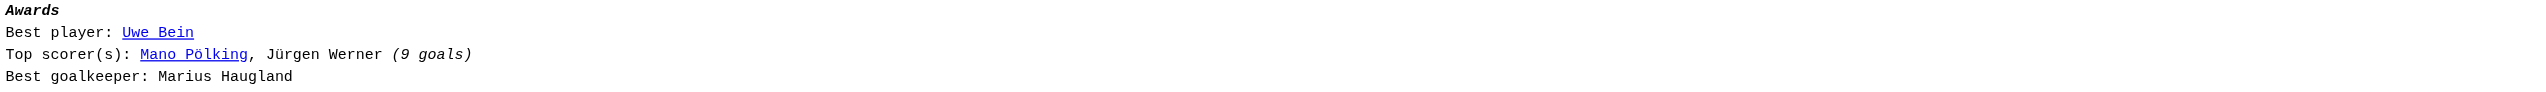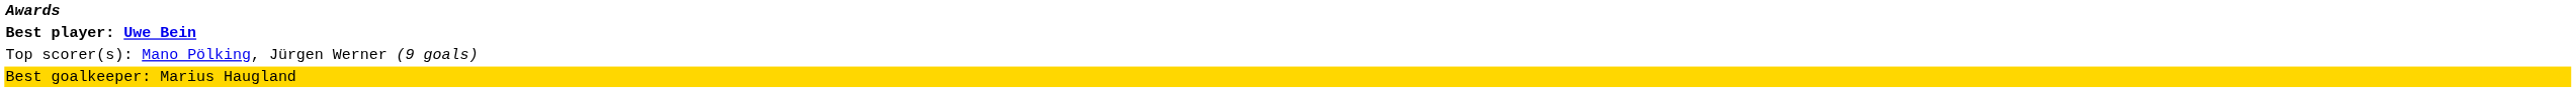 <table width=100% cellspacing=1 style="font-size: 90%;">
 <tr>
 <td><strong><em>Awards</em></strong></td>
 </tr>
 <tr>
-<td>Best player:  <a href='#'>Uwe Bein</a></td>
+<td><strong>Best player:  <a href='#'>Uwe Bein</a></strong></td>
 </tr>
 <tr>
 <td colspan=4>Top scorer(s):  <a href='#'>Mano Pölking</a>,  Jürgen Werner <em>(9 goals)</em></td>
 </tr>
 <tr>
-<td>Best goalkeeper:  Marius Haugland</td>
+<td style="background: gold;">Best goalkeeper:  Marius Haugland</td>
 </tr>
 </table>
